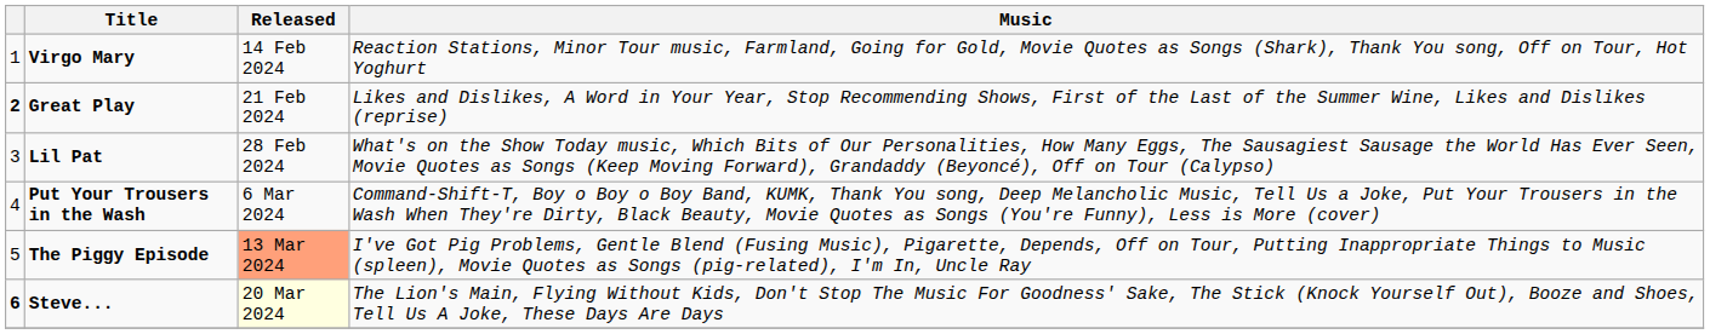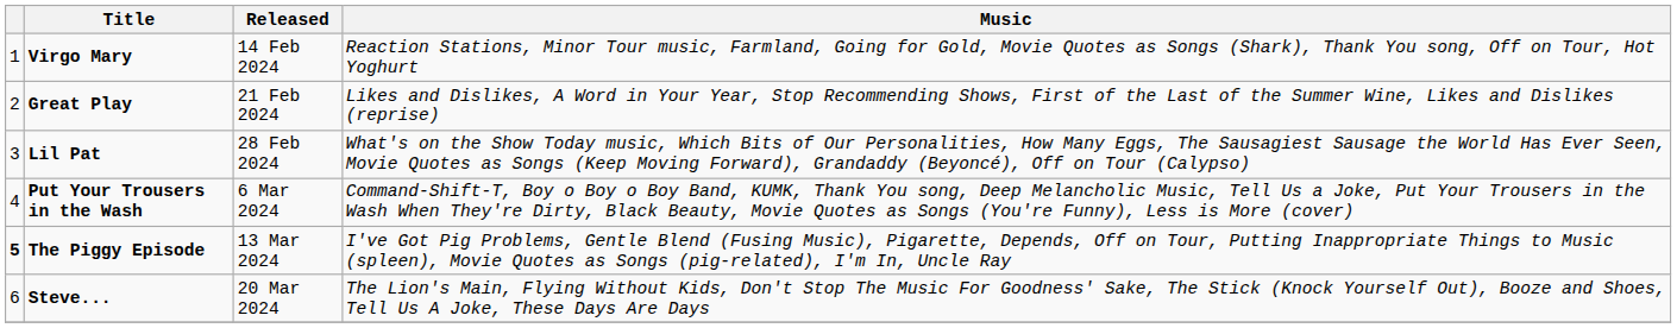 <table class="wikitable">
 <tr>
 <th></th>
 <th>Title</th>
 <th>Released</th>
 <th>Music</th>
 </tr>
 <tr>
 <td>1</td>
 <td><strong>Virgo Mary</strong></td>
 <td>14 Feb 2024</td>
 <td><em>Reaction Stations, Minor Tour music, Farmland, Going for Gold, Movie Quotes as Songs (Shark), Thank You song, Off on Tour, Hot Yoghurt</em></td>
 </tr>
 <tr>
-<td><strong>2</strong></td>
+<td>2</td>
 <td><strong>Great Play</strong></td>
 <td>21 Feb 2024</td>
 <td><em>Likes and Dislikes, A Word in Your Year, Stop Recommending Shows, First of the Last of the Summer Wine, Likes and Dislikes (reprise)</em></td>
 </tr>
 <tr>
 <td>3</td>
 <td><strong>Lil Pat</strong></td>
 <td>28 Feb 2024</td>
 <td><em>What's on the Show Today music, Which Bits of Our Personalities, How Many Eggs, The Sausagiest Sausage the World Has Ever Seen, Movie Quotes as Songs (Keep Moving Forward), Grandaddy (Beyoncé), Off on Tour (Calypso)</em></td>
 </tr>
 <tr>
 <td>4</td>
 <td><strong>Put Your Trousers in the Wash</strong></td>
 <td>6 Mar 2024</td>
 <td><em>Command-Shift-T, Boy o Boy o Boy Band, KUMK, Thank You song, Deep Melancholic Music, Tell Us a Joke, Put Your Trousers in the Wash When They're Dirty, Black Beauty, Movie Quotes as Songs (You're Funny), Less is More (cover)</em></td>
 </tr>
 <tr>
-<td>5</td>
+<td><strong>5</strong></td>
 <td><strong>The Piggy Episode</strong></td>
-<td style="background: lightsalmon;">13 Mar 2024</td>
+<td>13 Mar 2024</td>
 <td><em>I've Got Pig Problems, Gentle Blend (Fusing Music), Pigarette, Depends, Off on Tour, Putting Inappropriate Things to Music (spleen), Movie Quotes as Songs (pig-related), I'm In, Uncle Ray</em></td>
 </tr>
 <tr>
-<td><strong>6</strong></td>
+<td>6</td>
 <td><strong>Steve...</strong></td>
-<td style="background: lightyellow;">20 Mar 2024</td>
+<td>20 Mar 2024</td>
 <td><em>The Lion's Main, Flying Without Kids, Don't Stop The Music For Goodness' Sake, The Stick (Knock Yourself Out), Booze and Shoes, Tell Us A Joke, These Days Are Days</em></td>
 </tr>
 <tr>
 </tr>
 </table>
